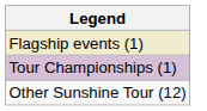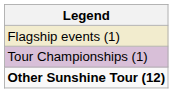 <table class="wikitable" style="font-size:95%;">
 <tr>
 <th>Legend</th>
 </tr>
 <tr style="background:#f2ecce;">
 <td>Flagship events (1)</td>
 </tr>
 <tr style="background:thistle;">
 <td>Tour Championships (1)</td>
 </tr>
 <tr>
-<td>Other Sunshine Tour (12)</td>
+<td><strong>Other Sunshine Tour (12)</strong></td>
 </tr>
 </table>
